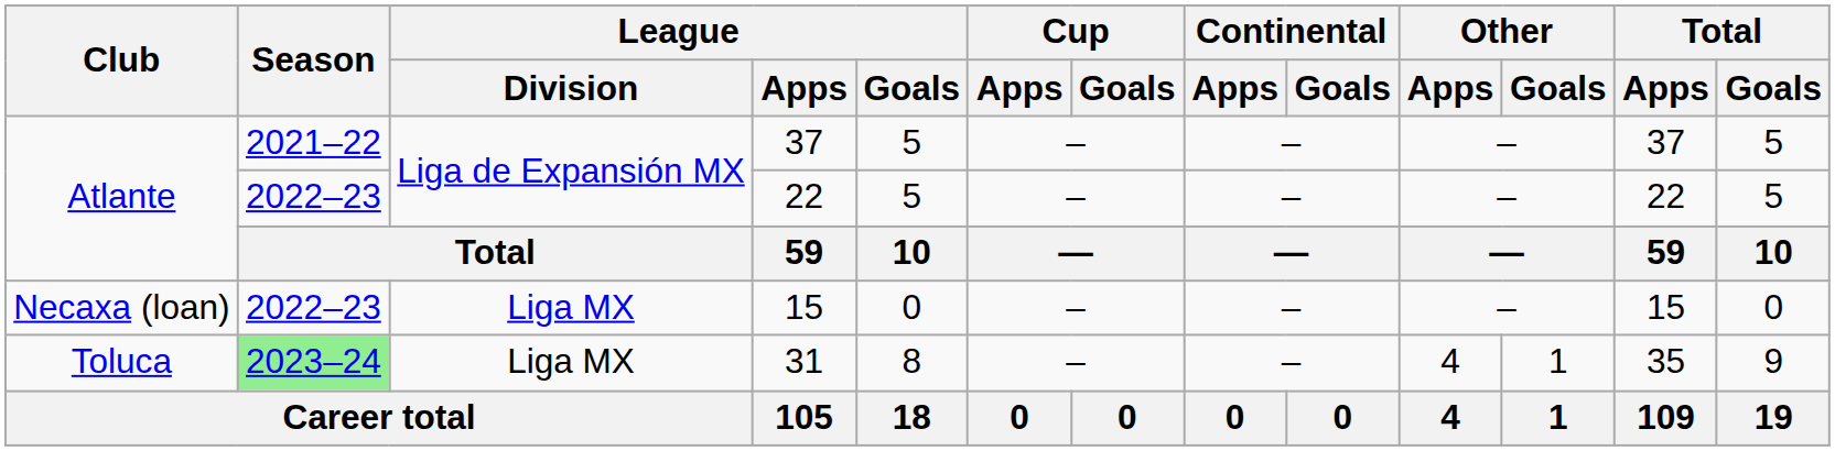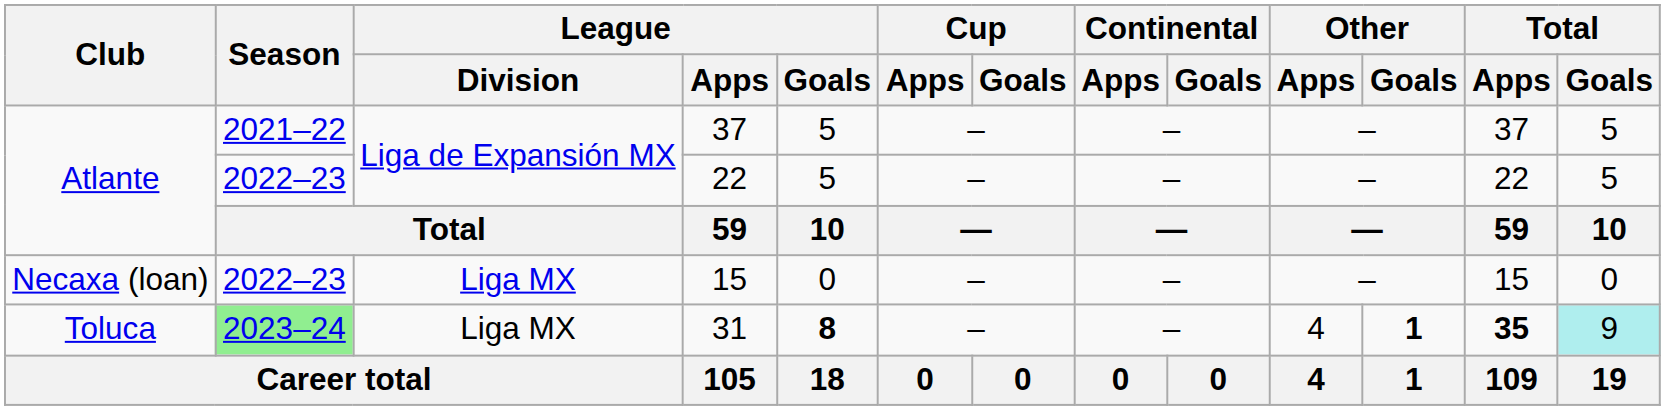 <table class="wikitable" style="text-align: center">
 <tr>
 <th rowspan="2">Club</th>
 <th rowspan="2">Season</th>
 <th colspan="3">League</th>
 <th colspan="2">Cup</th>
 <th colspan="2">Continental</th>
 <th colspan="2">Other</th>
 <th colspan="2">Total</th>
 </tr>
 <tr>
 <th>Division</th>
 <th>Apps</th>
 <th>Goals</th>
 <th>Apps</th>
 <th>Goals</th>
 <th>Apps</th>
 <th>Goals</th>
 <th>Apps</th>
 <th>Goals</th>
 <th>Apps</th>
 <th>Goals</th>
 </tr>
 <tr>
 <td rowspan=3><a href='#'>Atlante</a></td>
 <td><a href='#'>2021–22</a></td>
 <td rowspan=2><a href='#'>Liga de Expansión MX</a></td>
 <td>37</td>
 <td>5</td>
 <td colspan="2">–</td>
 <td colspan="2">–</td>
 <td colspan="2">–</td>
 <td>37</td>
 <td>5</td>
 </tr>
 <tr>
 <td><a href='#'>2022–23</a></td>
 <td>22</td>
 <td>5</td>
 <td colspan="2">–</td>
 <td colspan="2">–</td>
 <td colspan="2">–</td>
 <td>22</td>
 <td>5</td>
 </tr>
 <tr>
 <th colspan="2">Total</th>
 <th>59</th>
 <th>10</th>
 <th colspan="2">—</th>
 <th colspan="2">—</th>
 <th colspan="2">—</th>
 <th>59</th>
 <th>10</th>
 </tr>
 <tr>
 <td><a href='#'>Necaxa</a> (loan)</td>
 <td><a href='#'>2022–23</a></td>
 <td><a href='#'>Liga MX</a></td>
 <td>15</td>
 <td>0</td>
 <td colspan="2">–</td>
 <td colspan="2">–</td>
 <td colspan="2">–</td>
 <td>15</td>
 <td>0</td>
 </tr>
 <tr>
 <td rowspan=1><a href='#'>Toluca</a></td>
 <td style="background: lightgreen;"><a href='#'>2023–24</a></td>
 <td rowspan=1>Liga MX</td>
 <td>31</td>
-<td>8</td>
+<td><strong>8</strong></td>
 <td colspan="2">–</td>
 <td colspan="2">–</td>
 <td>4</td>
-<td>1</td>
-<td>35</td>
-<td>9</td>
+<td><strong>1</strong></td>
+<td><strong>35</strong></td>
+<td style="background: paleturquoise;">9</td>
 </tr>
 <tr>
 <th colspan="3">Career total</th>
 <th>105</th>
 <th>18</th>
 <th>0</th>
 <th>0</th>
 <th>0</th>
 <th>0</th>
 <th>4</th>
 <th>1</th>
 <th>109</th>
 <th>19</th>
 </tr>
 </table>
